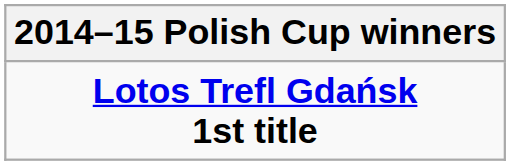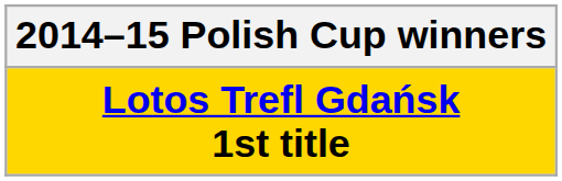 <table class=wikitable style="text-align:center; margin:auto">
 <tr>
 <th>2014–15 Polish Cup winners</th>
 </tr>
 <tr>
-<td><strong><a href='#'>Lotos Trefl Gdańsk</a></strong><br><strong>1st title</strong></td>
+<td style="background: gold;"><strong><a href='#'>Lotos Trefl Gdańsk</a></strong><br><strong>1st title</strong></td>
 </tr>
 </table>
